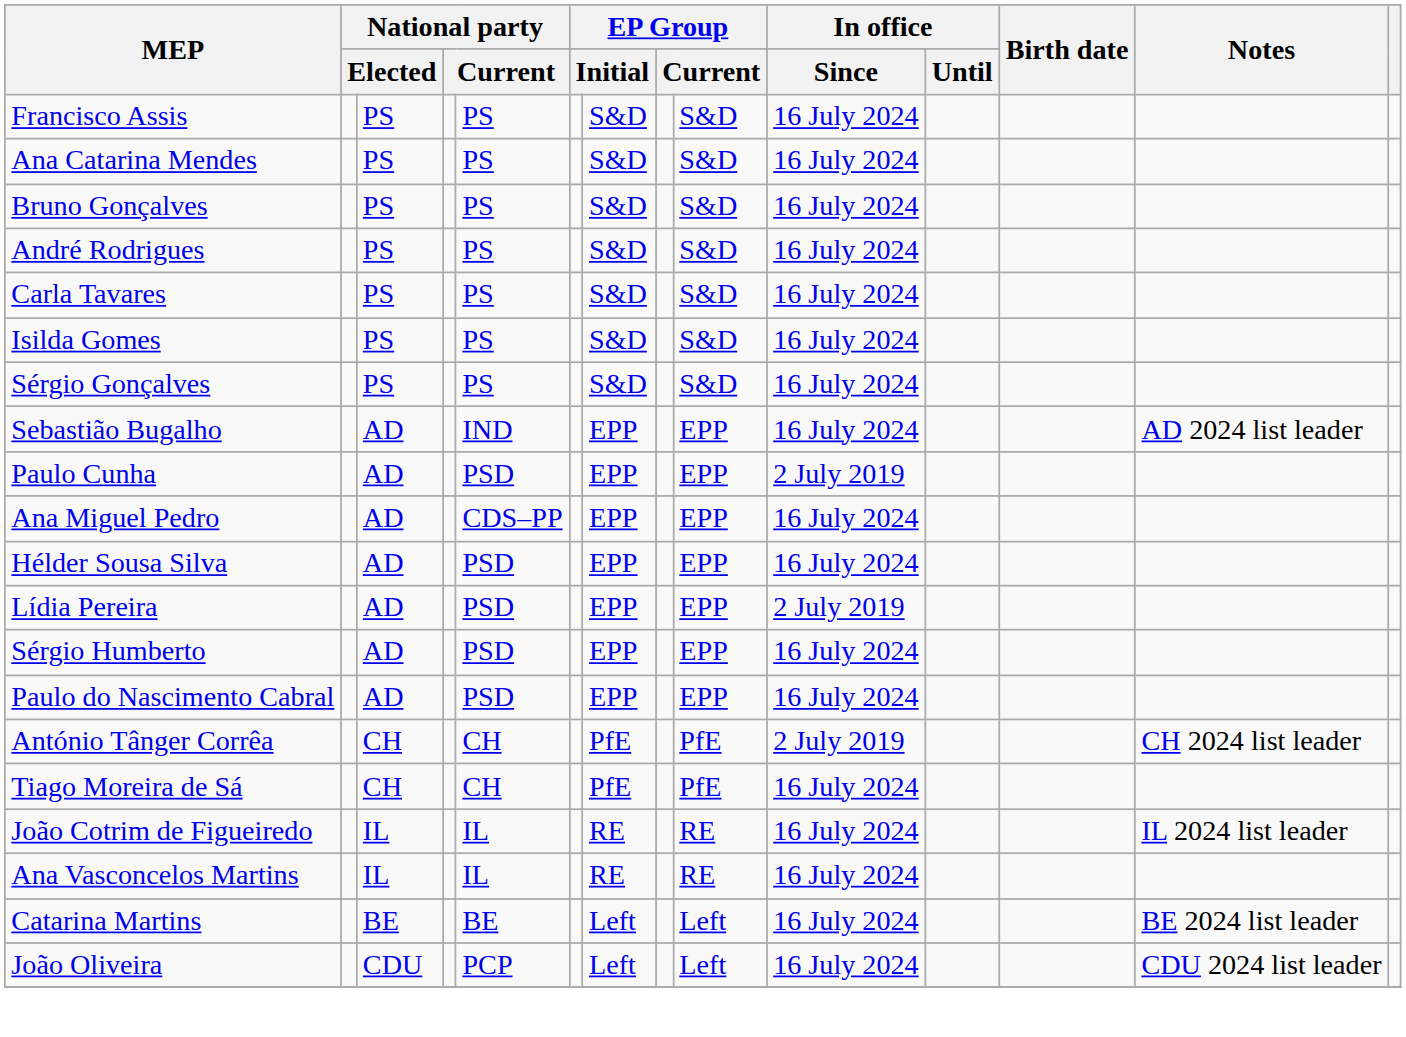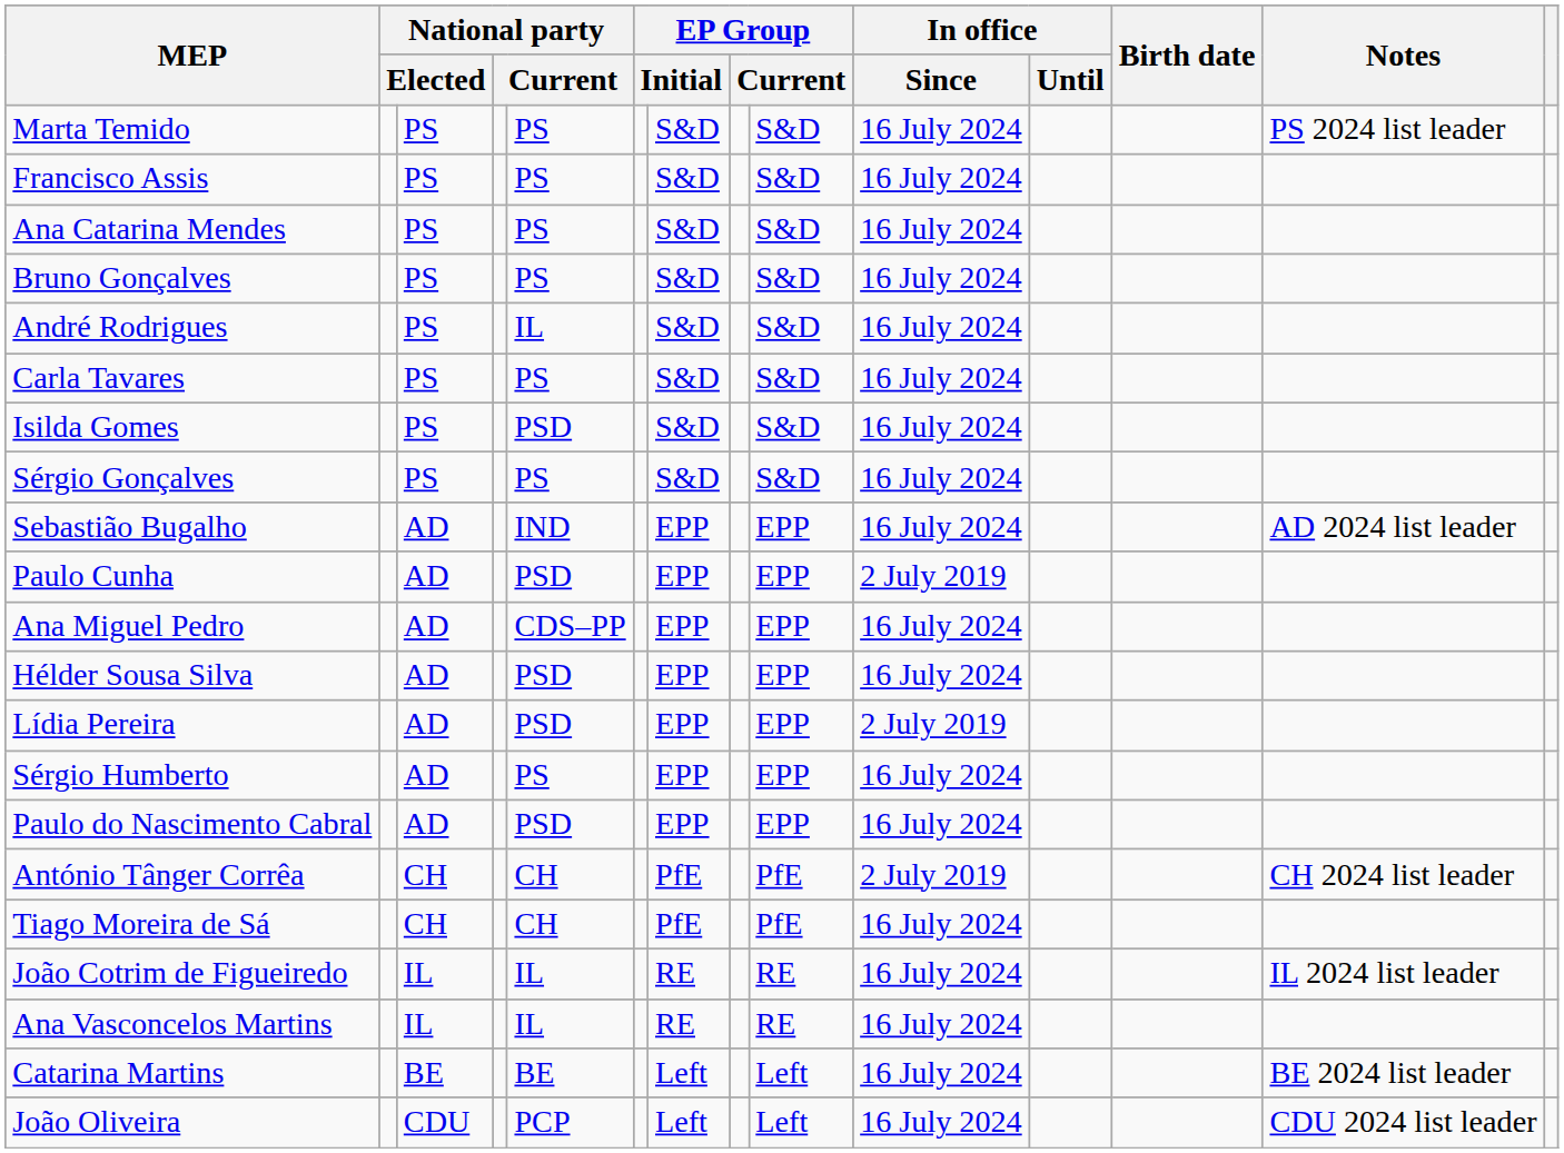 <table class="wikitable sortable" style="text-align:left">
 <tr>
 <th rowspan="2">MEP</th>
 <th colspan="4">National party</th>
 <th colspan="4"><a href='#'>EP Group</a></th>
 <th colspan="2">In office</th>
 <th rowspan="2">Birth date</th>
 <th rowspan="2">Notes</th>
 <th rowspan="2" class="unsortable"></th>
 </tr>
 <tr>
 <th colspan="2">Elected</th>
 <th colspan="2">Current</th>
 <th colspan="2">Initial</th>
 <th colspan="2">Current</th>
 <th>Since</th>
 <th>Until</th>
+</tr>
+<tr>
+<td><a href='#'>Marta Temido</a></td>
+<td style="background: "></td>
+<td><a href='#'>PS</a></td>
+<td style="background: "></td>
+<td><a href='#'>PS</a></td>
+<td style="background: "></td>
+<td><a href='#'>S&D</a></td>
+<td style="background: "></td>
+<td><a href='#'>S&D</a></td>
+<td><a href='#'>16 July 2024</a></td>
+<td></td>
+<td></td>
+<td><a href='#'>PS</a> 2024 list leader</td>
+<td></td>
 </tr>
 <tr>
 <td><a href='#'>Francisco Assis</a></td>
 <td style="background: "></td>
 <td><a href='#'>PS</a></td>
 <td style="background: "></td>
 <td><a href='#'>PS</a></td>
 <td style="background: "></td>
 <td><a href='#'>S&D</a></td>
 <td style="background: "></td>
 <td><a href='#'>S&D</a></td>
 <td><a href='#'>16 July 2024</a></td>
 <td></td>
 <td></td>
 <td></td>
 <td></td>
 </tr>
 <tr>
 <td><a href='#'>Ana Catarina Mendes</a></td>
 <td style="background: "></td>
 <td><a href='#'>PS</a></td>
 <td style="background: "></td>
 <td><a href='#'>PS</a></td>
 <td style="background: "></td>
 <td><a href='#'>S&D</a></td>
 <td style="background: "></td>
 <td><a href='#'>S&D</a></td>
 <td><a href='#'>16 July 2024</a></td>
 <td></td>
 <td></td>
 <td></td>
 <td></td>
 </tr>
 <tr>
 <td><a href='#'>Bruno Gonçalves</a></td>
 <td style="background: "></td>
 <td><a href='#'>PS</a></td>
 <td style="background: "></td>
 <td><a href='#'>PS</a></td>
 <td style="background: "></td>
 <td><a href='#'>S&D</a></td>
 <td style="background: "></td>
 <td><a href='#'>S&D</a></td>
 <td><a href='#'>16 July 2024</a></td>
 <td></td>
 <td></td>
 <td></td>
 <td></td>
 </tr>
 <tr>
 <td><a href='#'>André Rodrigues</a></td>
 <td style="background: "></td>
 <td><a href='#'>PS</a></td>
 <td style="background: "></td>
-<td><a href='#'>PS</a></td>
+<td><a href='#'>IL</a></td>
 <td style="background: "></td>
 <td><a href='#'>S&D</a></td>
 <td style="background: "></td>
 <td><a href='#'>S&D</a></td>
 <td><a href='#'>16 July 2024</a></td>
 <td></td>
 <td></td>
 <td></td>
 <td></td>
 </tr>
 <tr>
 <td><a href='#'>Carla Tavares</a></td>
 <td style="background: "></td>
 <td><a href='#'>PS</a></td>
 <td style="background: "></td>
 <td><a href='#'>PS</a></td>
 <td style="background: "></td>
 <td><a href='#'>S&D</a></td>
 <td style="background: "></td>
 <td><a href='#'>S&D</a></td>
 <td><a href='#'>16 July 2024</a></td>
 <td></td>
 <td></td>
 <td></td>
 <td></td>
 </tr>
 <tr>
 <td><a href='#'>Isilda Gomes</a></td>
 <td style="background: "></td>
 <td><a href='#'>PS</a></td>
 <td style="background: "></td>
-<td><a href='#'>PS</a></td>
+<td><a href='#'>PSD</a></td>
 <td style="background: "></td>
 <td><a href='#'>S&D</a></td>
 <td style="background: "></td>
 <td><a href='#'>S&D</a></td>
 <td><a href='#'>16 July 2024</a></td>
 <td></td>
 <td></td>
 <td></td>
 <td></td>
 </tr>
 <tr>
 <td><a href='#'>Sérgio Gonçalves</a></td>
 <td style="background: "></td>
 <td><a href='#'>PS</a></td>
 <td style="background: "></td>
 <td><a href='#'>PS</a></td>
 <td style="background: "></td>
 <td><a href='#'>S&D</a></td>
 <td style="background: "></td>
 <td><a href='#'>S&D</a></td>
 <td><a href='#'>16 July 2024</a></td>
 <td></td>
 <td></td>
 <td></td>
 <td></td>
 </tr>
 <tr>
 <td><a href='#'>Sebastião Bugalho</a></td>
 <td style="background: "></td>
 <td><a href='#'>AD</a></td>
 <td style="background: "></td>
 <td><a href='#'>IND</a></td>
 <td style="background: "></td>
 <td><a href='#'>EPP</a></td>
 <td style="background: "></td>
 <td><a href='#'>EPP</a></td>
 <td><a href='#'>16 July 2024</a></td>
 <td></td>
 <td></td>
 <td><a href='#'>AD</a> 2024 list leader</td>
 <td></td>
 </tr>
 <tr>
 <td><a href='#'>Paulo Cunha</a></td>
 <td style="background: "></td>
 <td><a href='#'>AD</a></td>
 <td style="background: "></td>
 <td><a href='#'>PSD</a></td>
 <td style="background: "></td>
 <td><a href='#'>EPP</a></td>
 <td style="background: "></td>
 <td><a href='#'>EPP</a></td>
 <td><a href='#'>2 July 2019</a></td>
 <td></td>
 <td></td>
 <td></td>
 <td></td>
 </tr>
 <tr>
 <td><a href='#'>Ana Miguel Pedro</a></td>
 <td style="background: "></td>
 <td><a href='#'>AD</a></td>
 <td style="background: "></td>
 <td><a href='#'>CDS–PP</a></td>
 <td style="background: "></td>
 <td><a href='#'>EPP</a></td>
 <td style="background: "></td>
 <td><a href='#'>EPP</a></td>
 <td><a href='#'>16 July 2024</a></td>
 <td></td>
 <td></td>
 <td></td>
 <td></td>
 </tr>
 <tr>
 <td><a href='#'>Hélder Sousa Silva</a></td>
 <td style="background: "></td>
 <td><a href='#'>AD</a></td>
 <td style="background: "></td>
 <td><a href='#'>PSD</a></td>
 <td style="background: "></td>
 <td><a href='#'>EPP</a></td>
 <td style="background: "></td>
 <td><a href='#'>EPP</a></td>
 <td><a href='#'>16 July 2024</a></td>
 <td></td>
 <td></td>
 <td></td>
 <td></td>
 </tr>
 <tr>
 <td><a href='#'>Lídia Pereira</a></td>
 <td style="background: "></td>
 <td><a href='#'>AD</a></td>
 <td style="background: "></td>
 <td><a href='#'>PSD</a></td>
 <td style="background: "></td>
 <td><a href='#'>EPP</a></td>
 <td style="background: "></td>
 <td><a href='#'>EPP</a></td>
 <td><a href='#'>2 July 2019</a></td>
 <td></td>
 <td></td>
 <td></td>
 <td></td>
 </tr>
 <tr>
 <td><a href='#'>Sérgio Humberto</a></td>
 <td style="background: "></td>
 <td><a href='#'>AD</a></td>
 <td style="background: "></td>
-<td><a href='#'>PSD</a></td>
+<td><a href='#'>PS</a></td>
 <td style="background: "></td>
 <td><a href='#'>EPP</a></td>
 <td style="background: "></td>
 <td><a href='#'>EPP</a></td>
 <td><a href='#'>16 July 2024</a></td>
 <td></td>
 <td></td>
 <td></td>
 <td></td>
 </tr>
 <tr>
 <td><a href='#'>Paulo do Nascimento Cabral</a></td>
 <td style="background: "></td>
 <td><a href='#'>AD</a></td>
 <td style="background: "></td>
 <td><a href='#'>PSD</a></td>
 <td style="background: "></td>
 <td><a href='#'>EPP</a></td>
 <td style="background: "></td>
 <td><a href='#'>EPP</a></td>
 <td><a href='#'>16 July 2024</a></td>
 <td></td>
 <td></td>
 <td></td>
 <td></td>
 </tr>
 <tr>
 <td><a href='#'>António Tânger Corrêa</a></td>
 <td style="background: "></td>
 <td><a href='#'>CH</a></td>
 <td style="background: "></td>
 <td><a href='#'>CH</a></td>
 <td style="background: "></td>
 <td><a href='#'>PfE</a></td>
 <td style="background: "></td>
 <td><a href='#'>PfE</a></td>
 <td><a href='#'>2 July 2019</a></td>
 <td></td>
 <td></td>
 <td><a href='#'>CH</a> 2024 list leader</td>
 <td></td>
 </tr>
 <tr>
 <td><a href='#'>Tiago Moreira de Sá</a></td>
 <td style="background: "></td>
 <td><a href='#'>CH</a></td>
 <td style="background: "></td>
 <td><a href='#'>CH</a></td>
 <td style="background: "></td>
 <td><a href='#'>PfE</a></td>
 <td style="background: "></td>
 <td><a href='#'>PfE</a></td>
 <td><a href='#'>16 July 2024</a></td>
 <td></td>
 <td></td>
 <td></td>
 <td></td>
 </tr>
 <tr>
 <td><a href='#'>João Cotrim de Figueiredo</a></td>
 <td style="background: "></td>
 <td><a href='#'>IL</a></td>
 <td style="background: "></td>
 <td><a href='#'>IL</a></td>
 <td style="background: "></td>
 <td><a href='#'>RE</a></td>
 <td style="background: "></td>
 <td><a href='#'>RE</a></td>
 <td><a href='#'>16 July 2024</a></td>
 <td></td>
 <td></td>
 <td><a href='#'>IL</a> 2024 list leader</td>
 <td></td>
 </tr>
 <tr>
 <td><a href='#'>Ana Vasconcelos Martins</a></td>
 <td style="background: "></td>
 <td><a href='#'>IL</a></td>
 <td style="background: "></td>
 <td><a href='#'>IL</a></td>
 <td style="background: "></td>
 <td><a href='#'>RE</a></td>
 <td style="background: "></td>
 <td><a href='#'>RE</a></td>
 <td><a href='#'>16 July 2024</a></td>
 <td></td>
 <td></td>
 <td></td>
 <td></td>
 </tr>
 <tr>
 <td><a href='#'>Catarina Martins</a></td>
 <td style="background: "></td>
 <td><a href='#'>BE</a></td>
 <td style="background: "></td>
 <td><a href='#'>BE</a></td>
 <td style="background: "></td>
 <td><a href='#'>Left</a></td>
 <td style="background: "></td>
 <td><a href='#'>Left</a></td>
 <td><a href='#'>16 July 2024</a></td>
 <td></td>
 <td></td>
 <td><a href='#'>BE</a> 2024 list leader</td>
 <td></td>
 </tr>
 <tr>
 <td><a href='#'>João Oliveira</a></td>
 <td style="background: "></td>
 <td><a href='#'>CDU</a></td>
 <td style="background: "></td>
 <td><a href='#'>PCP</a></td>
 <td style="background: "></td>
 <td><a href='#'>Left</a></td>
 <td style="background: "></td>
 <td><a href='#'>Left</a></td>
 <td><a href='#'>16 July 2024</a></td>
 <td></td>
 <td></td>
 <td><a href='#'>CDU</a> 2024 list leader</td>
 <td></td>
 </tr>
 <tr>
 </tr>
 </table>
